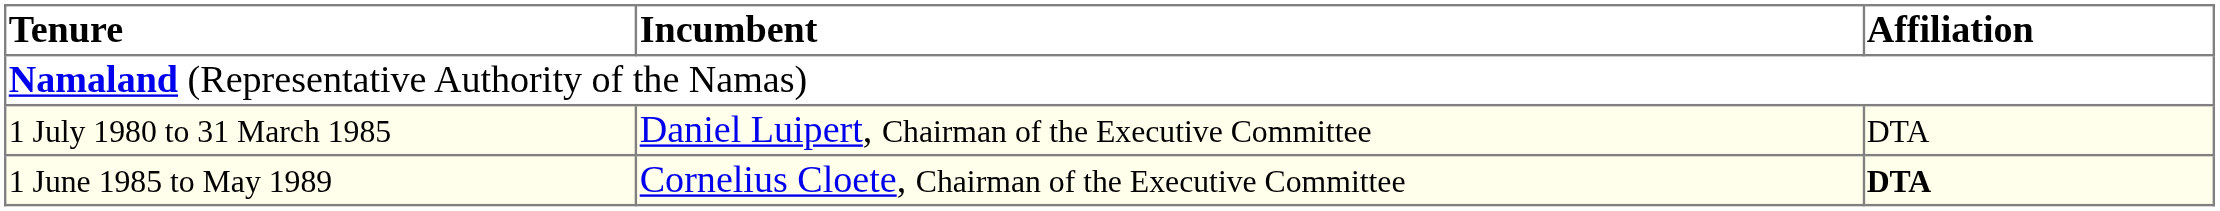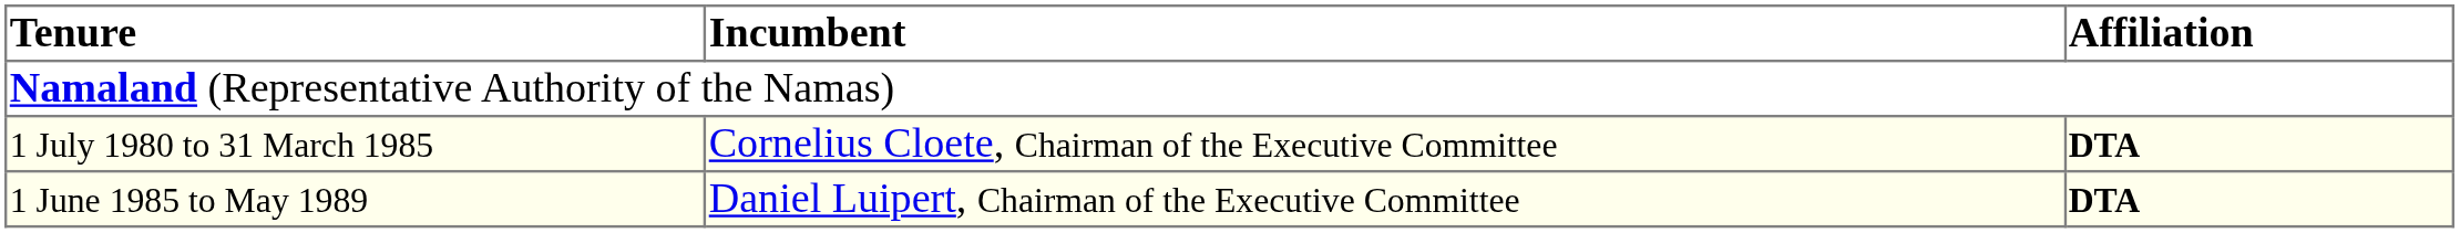 <table border=1 style="border-collapse: collapse">
 <tr align=left>
 <th width="18%">Tenure</th>
 <th width="35%">Incumbent</th>
 <th width="10%">Affiliation</th>
 </tr>
 <tr valign=top>
 <td colspan="4"><strong><a href='#'>Namaland</a></strong> (Representative Authority of the Namas)</td>
 </tr>
 <tr valign=top bgcolor="#ffffec">
 <td><small>1 July 1980 to 31 March 1985</small></td>
-<td><a href='#'>Daniel Luipert</a>, <small>Chairman of the Executive Committee</small></td>
-<td><small>DTA</small></td>
+<td><a href='#'>Cornelius Cloete</a>, <small>Chairman of the Executive Committee</small></td>
+<td><strong><small>DTA</small></strong></td>
 </tr>
 <tr valign=top bgcolor="#ffffec">
 <td><small>1 June 1985 to May 1989</small></td>
-<td><a href='#'>Cornelius Cloete</a>, <small>Chairman of the Executive Committee</small></td>
+<td><a href='#'>Daniel Luipert</a>, <small>Chairman of the Executive Committee</small></td>
 <td><strong><small>DTA</small></strong></td>
 </tr>
 </table>
